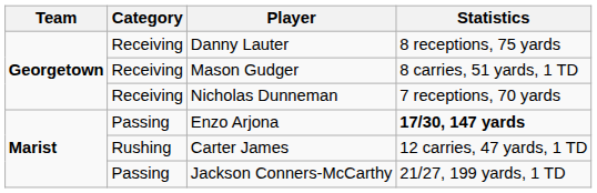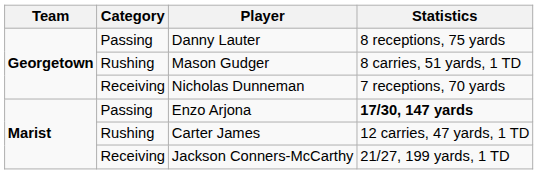 <table class="wikitable" style="float: right;">
 <tr>
 <th>Team</th>
 <th>Category</th>
 <th>Player</th>
 <th>Statistics</th>
 </tr>
 <tr>
 <td rowspan=3><strong>Georgetown</strong></td>
-<td>Receiving</td>
+<td>Passing</td>
 <td>Danny Lauter</td>
 <td>8 receptions, 75 yards</td>
 </tr>
 <tr>
-<td>Receiving</td>
+<td>Rushing</td>
 <td>Mason Gudger</td>
 <td>8 carries, 51 yards, 1 TD</td>
 </tr>
 <tr>
 <td>Receiving</td>
 <td>Nicholas Dunneman</td>
 <td>7 receptions, 70 yards</td>
 </tr>
 <tr>
 <td rowspan=3><strong>Marist</strong></td>
 <td>Passing</td>
 <td>Enzo Arjona</td>
 <td><strong>17/30, 147 yards</strong></td>
 </tr>
 <tr>
 <td>Rushing</td>
 <td>Carter James</td>
 <td>12 carries, 47 yards, 1 TD</td>
 </tr>
 <tr>
-<td>Passing</td>
+<td>Receiving</td>
 <td>Jackson Conners-McCarthy</td>
 <td>21/27, 199 yards, 1 TD</td>
 </tr>
 </table>
